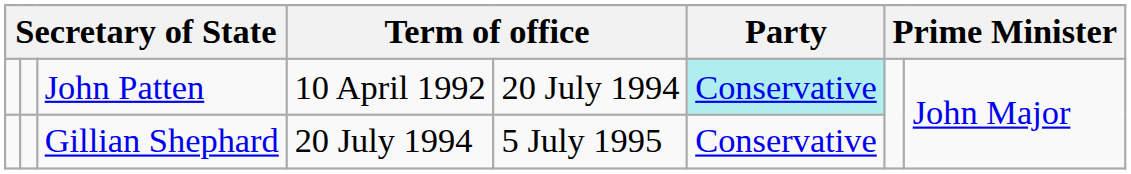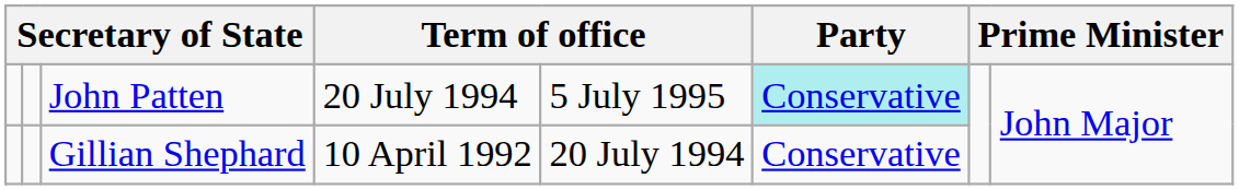 <table class="wikitable">
 <tr>
 <th colspan=3>Secretary of State</th>
 <th colspan=2>Term of office</th>
 <th>Party</th>
 <th colspan=2>Prime Minister</th>
 </tr>
 <tr style="height:1em">
 <td style="background-color:"></td>
 <td></td>
 <td><a href='#'>John Patten</a></td>
-<td>10 April 1992</td>
 <td>20 July 1994</td>
+<td>5 July 1995</td>
 <td style="background: paleturquoise;"><a href='#'>Conservative</a></td>
 <td rowspan=2 style="background-color:"></td>
 <td rowspan=2><a href='#'>John Major</a></td>
 </tr>
 <tr style="height:1em">
 <td style="background-color:"></td>
 <td></td>
 <td><a href='#'>Gillian Shephard</a></td>
+<td>10 April 1992</td>
 <td>20 July 1994</td>
-<td>5 July 1995</td>
 <td><a href='#'>Conservative</a></td>
 </tr>
 </table>
